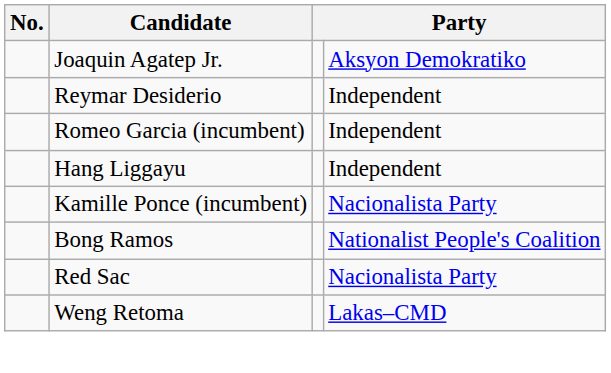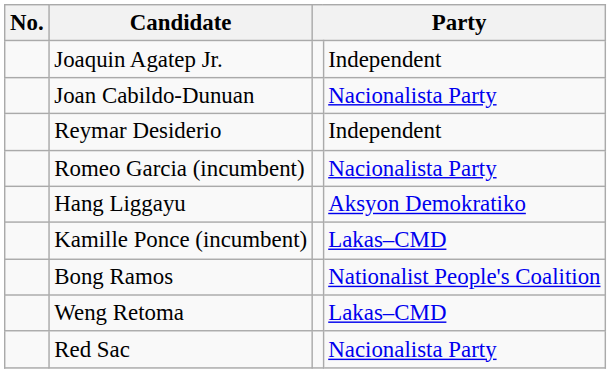 <table class="wikitable sortable" style="text-align:left;">
 <tr>
 <th>No.</th>
 <th>Candidate</th>
 <th colspan="2">Party</th>
 </tr>
 <tr>
 <td></td>
 <td>Joaquin Agatep Jr.</td>
 <td></td>
-<td><a href='#'>Aksyon Demokratiko</a></td>
+<td>Independent</td>
+</tr>
+<tr>
+<td></td>
+<td>Joan Cabildo-Dunuan</td>
+<td></td>
+<td><a href='#'>Nacionalista Party</a></td>
 </tr>
 <tr>
 <td></td>
 <td>Reymar Desiderio</td>
 <td></td>
 <td>Independent</td>
 </tr>
 <tr>
 <td></td>
 <td>Romeo Garcia (incumbent)</td>
 <td></td>
-<td>Independent</td>
+<td><a href='#'>Nacionalista Party</a></td>
 </tr>
 <tr>
 <td></td>
 <td>Hang Liggayu</td>
 <td></td>
-<td>Independent</td>
+<td><a href='#'>Aksyon Demokratiko</a></td>
 </tr>
 <tr>
 <td></td>
 <td>Kamille Ponce (incumbent)</td>
 <td></td>
-<td><a href='#'>Nacionalista Party</a></td>
+<td><a href='#'>Lakas–CMD</a></td>
 </tr>
 <tr>
 <td></td>
 <td>Bong Ramos</td>
 <td></td>
 <td><a href='#'>Nationalist People's Coalition</a></td>
 </tr>
 <tr>
 <td></td>
+<td>Weng Retoma</td>
+<td></td>
+<td><a href='#'>Lakas–CMD</a></td>
+</tr>
+<tr>
+<td></td>
 <td>Red Sac</td>
 <td></td>
 <td><a href='#'>Nacionalista Party</a></td>
 </tr>
-<tr>
-<td></td>
-<td>Weng Retoma</td>
-<td></td>
-<td><a href='#'>Lakas–CMD</a></td>
-</tr>
 </table>
